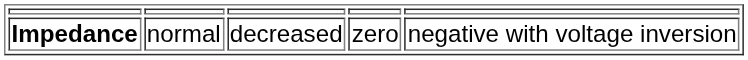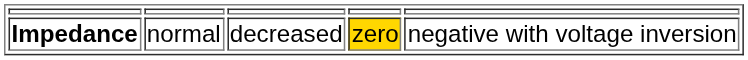 <table border="1" style="text-align: center">
 <tr>
 <td><strong></strong></td>
 <td><strong></strong></td>
 <td><strong></strong></td>
 <td><strong></strong></td>
 <td><strong></strong></td>
 </tr>
 <tr>
 <td><strong>Impedance</strong></td>
 <td>normal</td>
 <td>decreased</td>
-<td>zero</td>
+<td style="background: gold;">zero</td>
 <td>negative with voltage inversion</td>
 </tr>
 </table>
